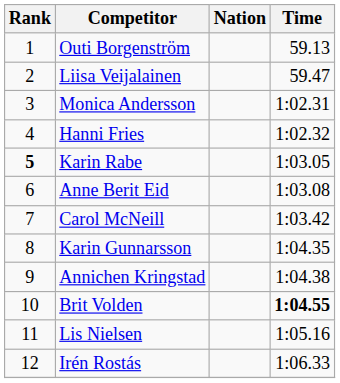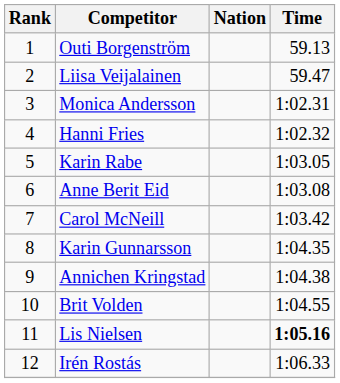 <table class="wikitable sortable" style="text-align:left">
 <tr>
 <th data-sort-type="number">Rank</th>
 <th class="unsortable">Competitor</th>
 <th>Nation</th>
 <th>Time</th>
 </tr>
 <tr>
 <td style="text-align:center">1</td>
 <td><a href='#'>Outi Borgenström</a></td>
 <td></td>
 <td style="text-align:right">59.13</td>
 </tr>
 <tr>
 <td style="text-align:center">2</td>
 <td><a href='#'>Liisa Veijalainen</a></td>
 <td></td>
 <td style="text-align:right">59.47</td>
 </tr>
 <tr>
 <td style="text-align:center">3</td>
 <td><a href='#'>Monica Andersson</a></td>
 <td></td>
 <td style="text-align:right">1:02.31</td>
 </tr>
 <tr>
 <td style="text-align:center">4</td>
 <td><a href='#'>Hanni Fries</a></td>
 <td></td>
 <td style="text-align:right">1:02.32</td>
 </tr>
 <tr>
-<td style="text-align:center"><strong>5</strong></td>
+<td style="text-align:center">5</td>
 <td><a href='#'>Karin Rabe</a></td>
 <td></td>
 <td style="text-align:right">1:03.05</td>
 </tr>
 <tr>
 <td style="text-align:center">6</td>
 <td><a href='#'>Anne Berit Eid</a></td>
 <td></td>
 <td style="text-align:right">1:03.08</td>
 </tr>
 <tr>
 <td style="text-align:center">7</td>
 <td><a href='#'>Carol McNeill</a></td>
 <td></td>
 <td style="text-align:right">1:03.42</td>
 </tr>
 <tr>
 <td style="text-align:center">8</td>
 <td><a href='#'>Karin Gunnarsson</a></td>
 <td></td>
 <td style="text-align:right">1:04.35</td>
 </tr>
 <tr>
 <td style="text-align:center">9</td>
 <td><a href='#'>Annichen Kringstad</a></td>
 <td></td>
 <td style="text-align:right">1:04.38</td>
 </tr>
 <tr>
 <td style="text-align:center">10</td>
 <td><a href='#'>Brit Volden</a></td>
 <td></td>
-<td style="text-align:right"><strong>1:04.55</strong></td>
+<td style="text-align:right">1:04.55</td>
 </tr>
 <tr>
 <td style="text-align:center">11</td>
 <td><a href='#'>Lis Nielsen</a></td>
 <td></td>
-<td style="text-align:right">1:05.16</td>
+<td style="text-align:right"><strong>1:05.16</strong></td>
 </tr>
 <tr>
 <td style="text-align:center">12</td>
 <td><a href='#'>Irén Rostás</a></td>
 <td></td>
 <td style="text-align:right">1:06.33</td>
 </tr>
 <tr>
 </tr>
 </table>
